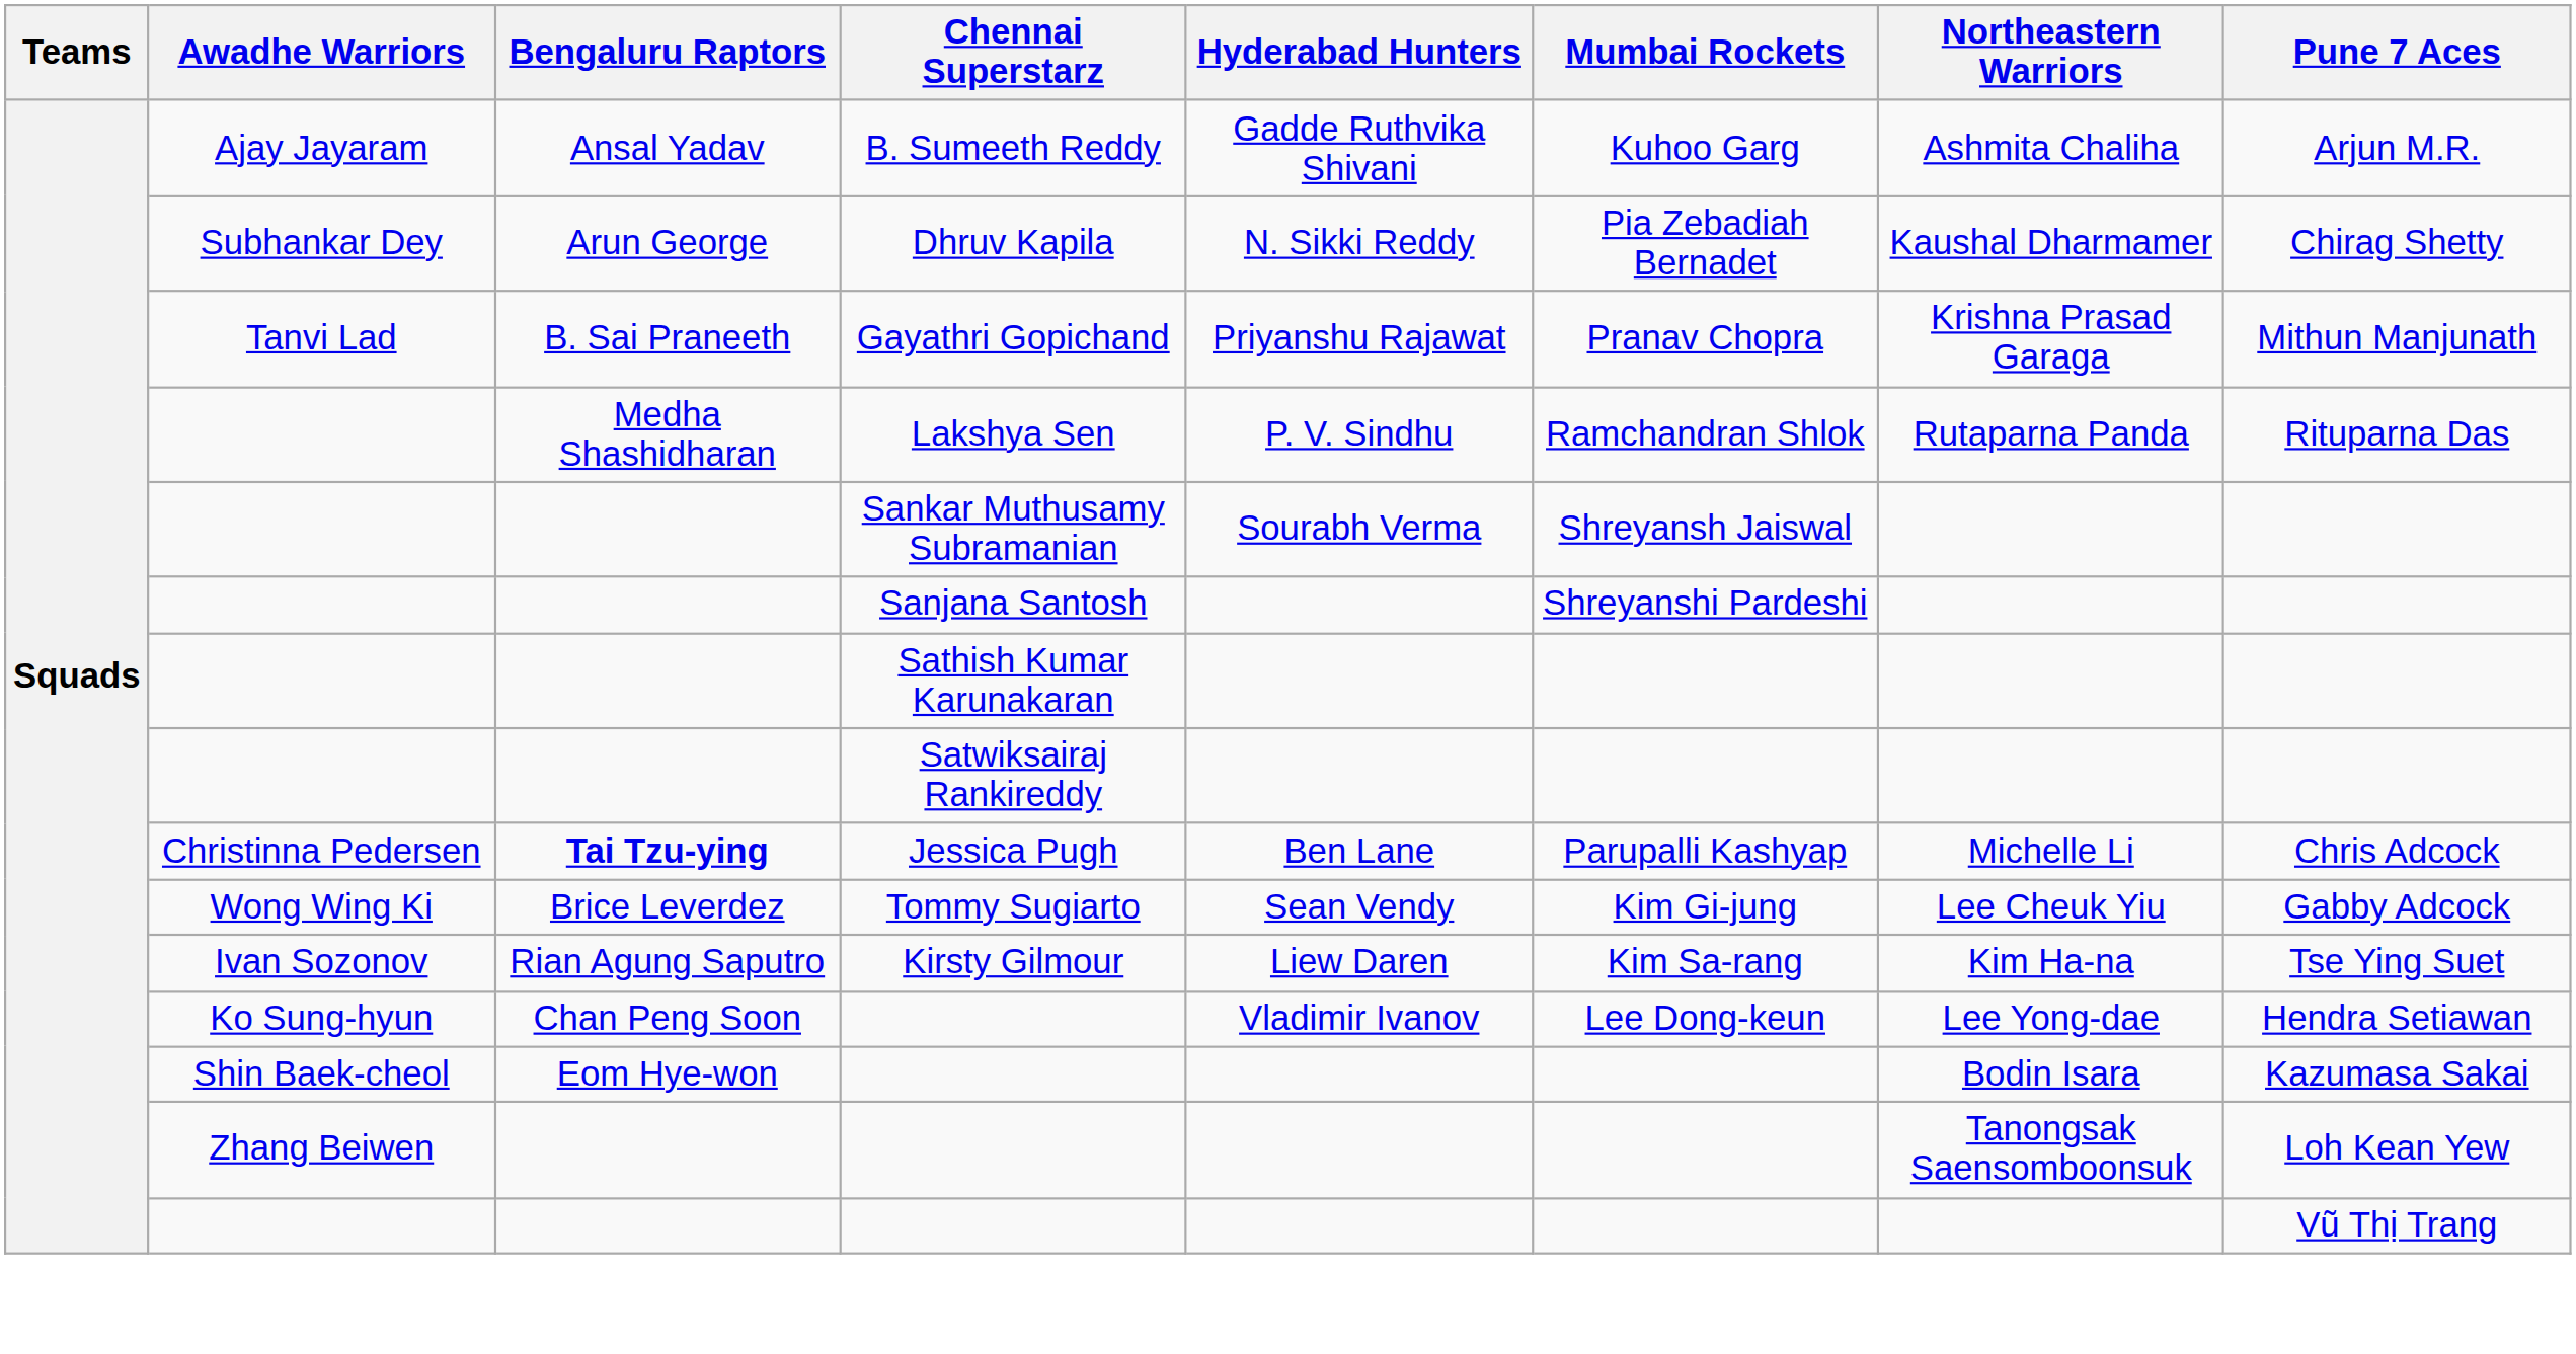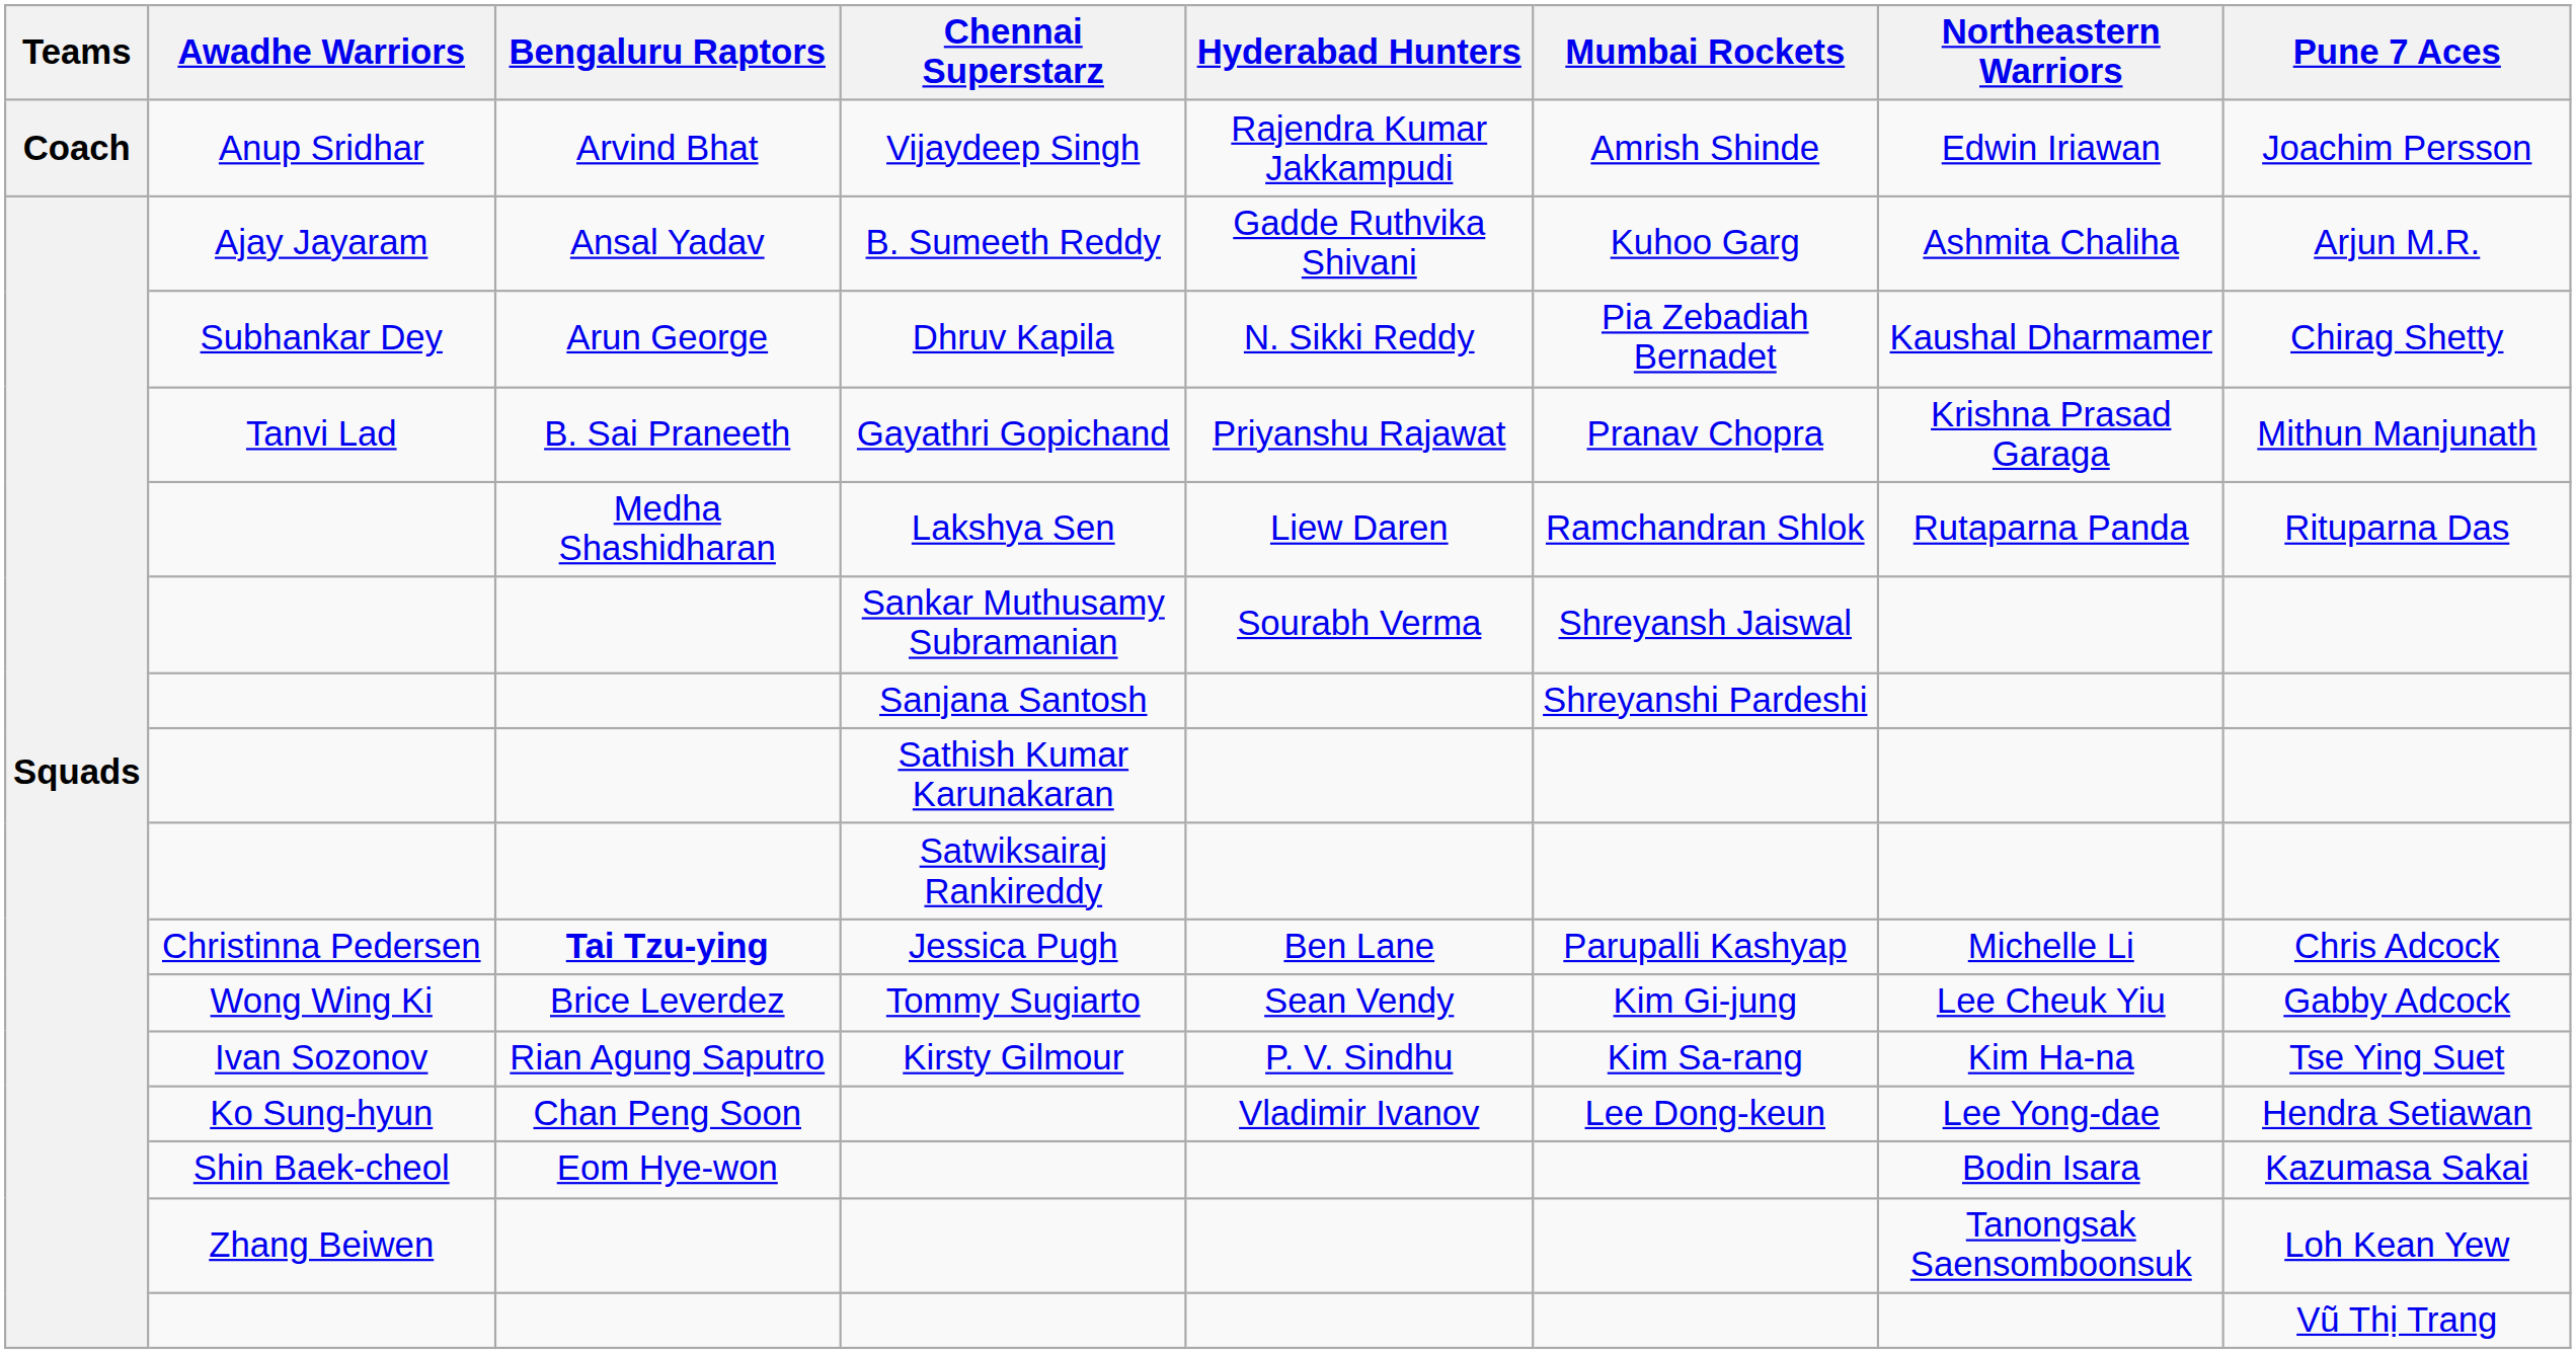 <table class="wikitable" style="text-align:center;">
 <tr>
 <th colspan=>Teams</th>
 <th width="150"><a href='#'>Awadhe Warriors</a></th>
 <th width="150"><a href='#'>Bengaluru Raptors</a></th>
 <th width="150"><a href='#'>Chennai Superstarz</a></th>
 <th width="150"><a href='#'>Hyderabad Hunters</a></th>
 <th width="150"><a href='#'>Mumbai Rockets</a></th>
 <th width="150"><a href='#'>Northeastern Warriors</a></th>
 <th width="150"><a href='#'>Pune 7 Aces</a></th>
+</tr>
+<tr>
+<th colspan=>Coach</th>
+<td align="center"> <a href='#'>Anup Sridhar</a></td>
+<td align="center"> <a href='#'>Arvind Bhat</a></td>
+<td align="center"> <a href='#'>Vijaydeep Singh</a></td>
+<td align="center"> <a href='#'>Rajendra Kumar Jakkampudi</a></td>
+<td align="center"> <a href='#'>Amrish Shinde</a></td>
+<td align="center"> <a href='#'>Edwin Iriawan</a></td>
+<td align="center"> <a href='#'>Joachim Persson</a></td>
 </tr>
 <tr>
 <th rowspan="15" width="50">Squads</th>
 <td> <a href='#'>Ajay Jayaram</a></td>
 <td> <a href='#'>Ansal Yadav</a></td>
 <td> <a href='#'>B. Sumeeth Reddy</a></td>
 <td> <a href='#'>Gadde Ruthvika Shivani</a></td>
 <td> <a href='#'>Kuhoo Garg</a></td>
 <td> <a href='#'>Ashmita Chaliha</a></td>
 <td> <a href='#'>Arjun M.R.</a></td>
 </tr>
 <tr>
 <td> <a href='#'>Subhankar Dey</a></td>
 <td> <a href='#'>Arun George</a></td>
 <td> <a href='#'>Dhruv Kapila</a></td>
 <td> <a href='#'>N. Sikki Reddy</a></td>
 <td> <a href='#'>Pia Zebadiah Bernadet</a></td>
 <td> <a href='#'>Kaushal Dharmamer</a></td>
 <td> <a href='#'>Chirag Shetty</a></td>
 </tr>
 <tr>
 <td> <a href='#'>Tanvi Lad</a></td>
 <td> <a href='#'>B. Sai Praneeth</a></td>
 <td> <a href='#'>Gayathri Gopichand</a></td>
 <td> <a href='#'>Priyanshu Rajawat</a></td>
 <td> <a href='#'>Pranav Chopra</a></td>
 <td> <a href='#'>Krishna Prasad Garaga</a></td>
 <td> <a href='#'>Mithun Manjunath</a></td>
 </tr>
 <tr>
 <td></td>
 <td> <a href='#'>Medha Shashidharan</a></td>
 <td> <a href='#'>Lakshya Sen</a></td>
-<td> <a href='#'>P. V. Sindhu</a></td>
+<td> <a href='#'>Liew Daren</a></td>
 <td> <a href='#'>Ramchandran Shlok</a></td>
 <td> <a href='#'>Rutaparna Panda</a></td>
 <td> <a href='#'>Rituparna Das</a></td>
 </tr>
 <tr>
 <td></td>
 <td></td>
 <td> <a href='#'>Sankar Muthusamy Subramanian</a></td>
 <td> <a href='#'>Sourabh Verma</a></td>
 <td> <a href='#'>Shreyansh Jaiswal</a></td>
 <td></td>
 <td></td>
 </tr>
 <tr>
 <td></td>
 <td></td>
 <td> <a href='#'>Sanjana Santosh</a></td>
 <td></td>
 <td> <a href='#'>Shreyanshi Pardeshi</a></td>
 <td></td>
 <td></td>
 </tr>
 <tr>
 <td></td>
 <td></td>
 <td> <a href='#'>Sathish Kumar Karunakaran</a></td>
 <td></td>
 <td></td>
 <td></td>
 <td></td>
 </tr>
 <tr>
 <td></td>
 <td></td>
 <td> <a href='#'>Satwiksairaj Rankireddy</a></td>
 <td></td>
 <td></td>
 <td></td>
 <td></td>
 </tr>
 <tr>
 <td> <a href='#'>Christinna Pedersen</a></td>
 <td><strong> <a href='#'>Tai Tzu-ying</a></strong></td>
 <td> <a href='#'>Jessica Pugh</a></td>
 <td> <a href='#'>Ben Lane</a></td>
 <td> <a href='#'>Parupalli Kashyap</a></td>
 <td> <a href='#'>Michelle Li</a></td>
 <td> <a href='#'>Chris Adcock</a></td>
 </tr>
 <tr>
 <td> <a href='#'>Wong Wing Ki</a></td>
 <td> <a href='#'>Brice Leverdez</a></td>
 <td> <a href='#'>Tommy Sugiarto</a></td>
 <td> <a href='#'>Sean Vendy</a></td>
 <td> <a href='#'>Kim Gi-jung</a></td>
 <td> <a href='#'>Lee Cheuk Yiu</a></td>
 <td> <a href='#'>Gabby Adcock</a></td>
 </tr>
 <tr>
 <td> <a href='#'>Ivan Sozonov</a></td>
 <td> <a href='#'>Rian Agung Saputro</a></td>
 <td> <a href='#'>Kirsty Gilmour</a></td>
-<td> <a href='#'>Liew Daren</a></td>
+<td> <a href='#'>P. V. Sindhu</a></td>
 <td> <a href='#'>Kim Sa-rang</a></td>
 <td> <a href='#'>Kim Ha-na</a></td>
 <td> <a href='#'>Tse Ying Suet</a></td>
 </tr>
 <tr>
 <td> <a href='#'>Ko Sung-hyun</a></td>
 <td> <a href='#'>Chan Peng Soon</a></td>
 <td></td>
 <td> <a href='#'>Vladimir Ivanov</a></td>
 <td> <a href='#'>Lee Dong-keun</a></td>
 <td> <a href='#'>Lee Yong-dae</a></td>
 <td> <a href='#'>Hendra Setiawan</a></td>
 </tr>
 <tr>
 <td> <a href='#'>Shin Baek-cheol</a></td>
 <td> <a href='#'>Eom Hye-won</a></td>
 <td></td>
 <td></td>
 <td></td>
 <td> <a href='#'>Bodin Isara</a></td>
 <td> <a href='#'>Kazumasa Sakai</a></td>
 </tr>
 <tr>
 <td> <a href='#'>Zhang Beiwen</a></td>
 <td></td>
 <td></td>
 <td></td>
 <td></td>
 <td> <a href='#'>Tanongsak Saensomboonsuk</a></td>
 <td> <a href='#'>Loh Kean Yew</a></td>
 </tr>
 <tr>
 <td></td>
 <td></td>
 <td></td>
 <td></td>
 <td></td>
 <td></td>
 <td> <a href='#'>Vũ Thị Trang</a></td>
 </tr>
 </table>
